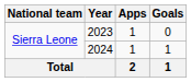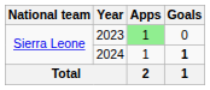 <table class="wikitable" style="text-align: center;">
 <tr>
 <th>National team</th>
 <th>Year</th>
 <th>Apps</th>
 <th>Goals</th>
 </tr>
 <tr>
 <td rowspan="2"><a href='#'>Sierra Leone</a></td>
 <td>2023</td>
-<td>1</td>
+<td style="background: lightgreen;">1</td>
 <td>0</td>
 </tr>
 <tr>
 <td>2024</td>
 <td>1</td>
-<td>1</td>
+<td><strong>1</strong></td>
 </tr>
 <tr>
 <th colspan="2">Total</th>
 <th>2</th>
 <th>1</th>
 </tr>
 </table>
